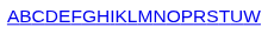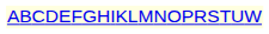 <table id="toc" class="toc" summary="Class">
 <tr>
 <th></th>
 </tr>
 <tr>
-<td style="text-align:center;"><a href='#'>A</a><a href='#'>B</a><a href='#'>C</a><a href='#'>D</a><a href='#'>E</a><a href='#'>F</a><a href='#'>G</a><a href='#'>H</a><a href='#'>I</a><a href='#'>K</a><a href='#'>L</a><a href='#'>M</a><a href='#'>N</a><a href='#'>O</a><a href='#'>P</a><a href='#'>R</a><a href='#'>S</a><a href='#'>T</a><a href='#'>U</a><a href='#'>W</a></td>
+<td style="background: lightyellow; text-align:center;"><a href='#'>A</a><a href='#'>B</a><a href='#'>C</a><a href='#'>D</a><a href='#'>E</a><a href='#'>F</a><a href='#'>G</a><a href='#'>H</a><a href='#'>I</a><a href='#'>K</a><a href='#'>L</a><a href='#'>M</a><a href='#'>N</a><a href='#'>O</a><a href='#'>P</a><a href='#'>R</a><a href='#'>S</a><a href='#'>T</a><a href='#'>U</a><a href='#'>W</a></td>
 </tr>
 </table>
